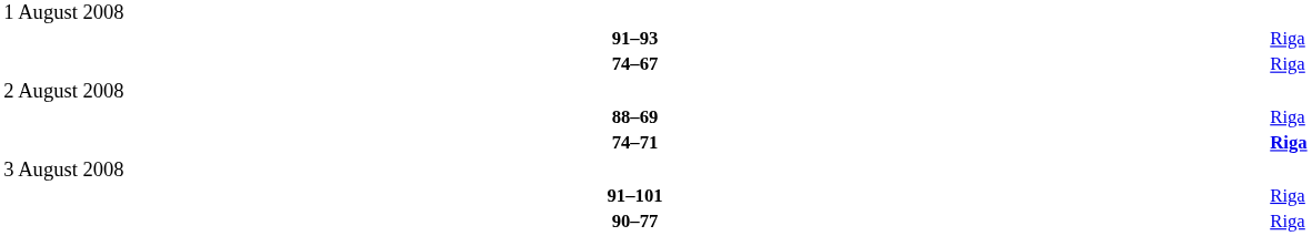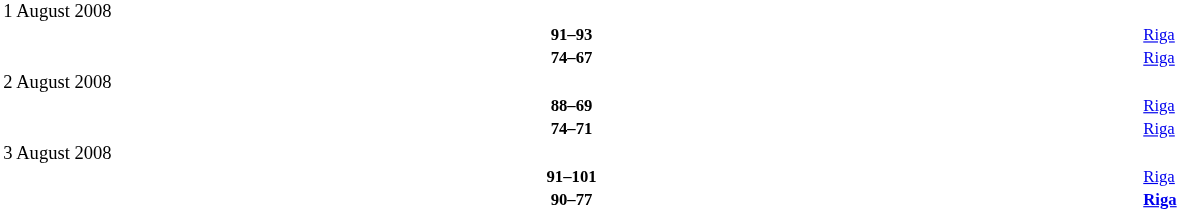 <table style="width:100%;" cellspacing="1">
 <tr>
 <th width=25%></th>
 <th width=3%></th>
 <th width=6%></th>
 <th width=3%></th>
 <th width=25%></th>
 </tr>
 <tr>
 <td>1 August 2008</td>
 </tr>
 <tr style=font-size:90%>
 <td align=right><strong></strong></td>
 <td></td>
 <td align=center><strong>91–93</strong></td>
 <td></td>
 <td><strong></strong></td>
 <td><a href='#'>Riga</a></td>
 </tr>
 <tr style=font-size:90%>
 <td align=right><strong></strong></td>
 <td></td>
 <td align=center><strong>74–67</strong></td>
 <td></td>
 <td><strong></strong></td>
 <td><a href='#'>Riga</a></td>
 </tr>
 <tr>
 <td>2 August 2008</td>
 </tr>
 <tr style=font-size:90%>
 <td align=right><strong></strong></td>
 <td></td>
 <td align=center><strong>88–69</strong></td>
 <td></td>
 <td><strong></strong></td>
 <td><a href='#'>Riga</a></td>
 </tr>
 <tr style=font-size:90%>
 <td align=right><strong></strong></td>
 <td></td>
 <td align=center><strong>74–71</strong></td>
 <td></td>
 <td><strong></strong></td>
-<td><strong><a href='#'>Riga</a></strong></td>
+<td><a href='#'>Riga</a></td>
 </tr>
 <tr>
 <td>3 August 2008</td>
 </tr>
 <tr style=font-size:90%>
 <td align=right><strong></strong></td>
 <td></td>
 <td align=center><strong>91–101</strong></td>
 <td></td>
 <td><strong></strong></td>
 <td><a href='#'>Riga</a></td>
 </tr>
 <tr style=font-size:90%>
 <td align=right><strong></strong></td>
 <td></td>
 <td align=center><strong>90–77</strong></td>
 <td></td>
 <td><strong></strong></td>
-<td><a href='#'>Riga</a></td>
+<td><strong><a href='#'>Riga</a></strong></td>
 </tr>
 </table>
